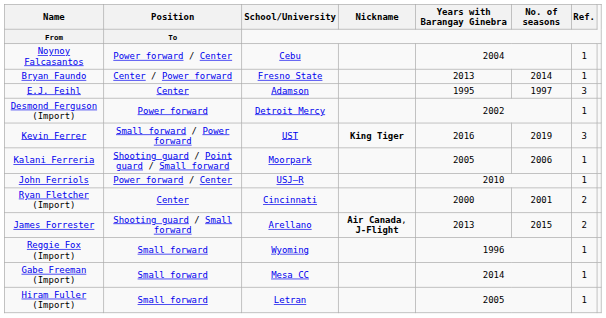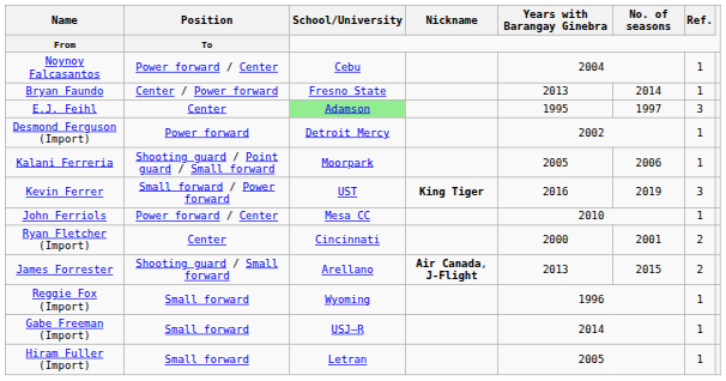 <table class="wikitable sortable" style="text-align:center" width="98%">
 <tr>
 <th>Name</th>
 <th>Position</th>
 <th>School/University</th>
 <th>Nickname</th>
 <th>Years with Barangay Ginebra</th>
 <th>No. of seasons</th>
 <th>Ref.</th>
 </tr>
 <tr>
 <th><small>From</small></th>
 <th><small>To</small></th>
 </tr>
 <tr>
 <td><a href='#'>Noynoy Falcasantos</a></td>
 <td><a href='#'>Power forward</a> / <a href='#'>Center</a></td>
 <td><a href='#'>Cebu</a></td>
 <td></td>
 <td colspan="2">2004</td>
 <td>1</td>
 <td></td>
 </tr>
 <tr>
 <td><a href='#'>Bryan Faundo</a></td>
 <td><a href='#'>Center</a> / <a href='#'>Power forward</a></td>
 <td><a href='#'>Fresno State</a></td>
 <td></td>
 <td>2013</td>
 <td>2014</td>
 <td>1</td>
 <td></td>
 </tr>
 <tr>
 <td><a href='#'>E.J. Feihl</a></td>
 <td><a href='#'>Center</a></td>
-<td><a href='#'>Adamson</a></td>
+<td style="background: lightgreen;"><a href='#'>Adamson</a></td>
 <td></td>
 <td>1995</td>
 <td>1997</td>
 <td>3</td>
 <td></td>
 </tr>
 <tr>
 <td><a href='#'>Desmond Ferguson</a> (Import)</td>
 <td><a href='#'>Power forward</a></td>
 <td><a href='#'>Detroit Mercy</a></td>
 <td></td>
 <td colspan="2">2002</td>
 <td>1</td>
 <td></td>
 </tr>
 <tr>
+<td><a href='#'>Kalani Ferreria</a></td>
+<td><a href='#'>Shooting guard</a> / <a href='#'>Point guard</a> / <a href='#'>Small forward</a></td>
+<td><a href='#'>Moorpark</a></td>
+<td></td>
+<td>2005</td>
+<td>2006</td>
+<td>1</td>
+<td></td>
+</tr>
+<tr>
 <td><a href='#'>Kevin Ferrer</a></td>
 <td><a href='#'>Small forward</a> / <a href='#'>Power forward</a></td>
 <td><a href='#'>UST</a></td>
 <td><strong>King Tiger</strong></td>
 <td>2016</td>
 <td>2019</td>
 <td>3</td>
 <td></td>
 </tr>
 <tr>
-<td><a href='#'>Kalani Ferreria</a></td>
-<td><a href='#'>Shooting guard</a> / <a href='#'>Point guard</a> / <a href='#'>Small forward</a></td>
-<td><a href='#'>Moorpark</a></td>
-<td></td>
-<td>2005</td>
-<td>2006</td>
-<td>1</td>
-<td></td>
-</tr>
-<tr>
 <td><a href='#'>John Ferriols</a></td>
 <td><a href='#'>Power forward</a> / <a href='#'>Center</a></td>
-<td><a href='#'>USJ–R</a></td>
+<td><a href='#'>Mesa CC</a></td>
 <td></td>
 <td colspan="2">2010</td>
 <td>1</td>
 <td></td>
 </tr>
 <tr>
 <td><a href='#'>Ryan Fletcher</a> (Import)</td>
 <td><a href='#'>Center</a></td>
 <td><a href='#'>Cincinnati</a></td>
 <td></td>
 <td>2000</td>
 <td>2001</td>
 <td>2</td>
 <td></td>
 </tr>
 <tr>
 <td><a href='#'>James Forrester</a></td>
 <td><a href='#'>Shooting guard</a> / <a href='#'>Small forward</a></td>
 <td><a href='#'>Arellano</a></td>
 <td><strong>Air Canada</strong>, <strong>J-Flight</strong></td>
 <td>2013</td>
 <td>2015</td>
 <td>2</td>
 <td></td>
 </tr>
 <tr>
 <td><a href='#'>Reggie Fox</a> (Import)</td>
 <td><a href='#'>Small forward</a></td>
 <td><a href='#'>Wyoming</a></td>
 <td></td>
 <td colspan="2">1996</td>
 <td>1</td>
 <td></td>
 </tr>
 <tr>
 <td><a href='#'>Gabe Freeman</a> (Import)</td>
 <td><a href='#'>Small forward</a></td>
-<td><a href='#'>Mesa CC</a></td>
+<td><a href='#'>USJ–R</a></td>
 <td></td>
 <td colspan="2">2014</td>
 <td>1</td>
 <td></td>
 </tr>
 <tr>
 <td><a href='#'>Hiram Fuller</a> (Import)</td>
 <td><a href='#'>Small forward</a></td>
 <td><a href='#'>Letran</a></td>
 <td></td>
 <td colspan="2">2005</td>
 <td>1</td>
 <td></td>
 </tr>
 </table>
